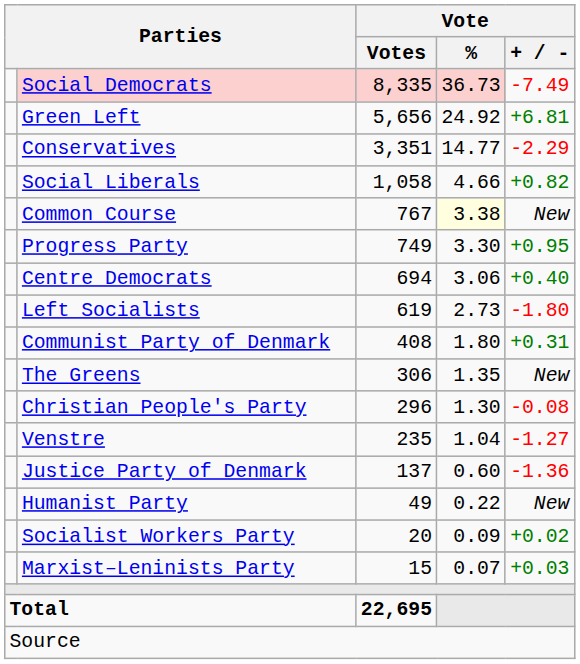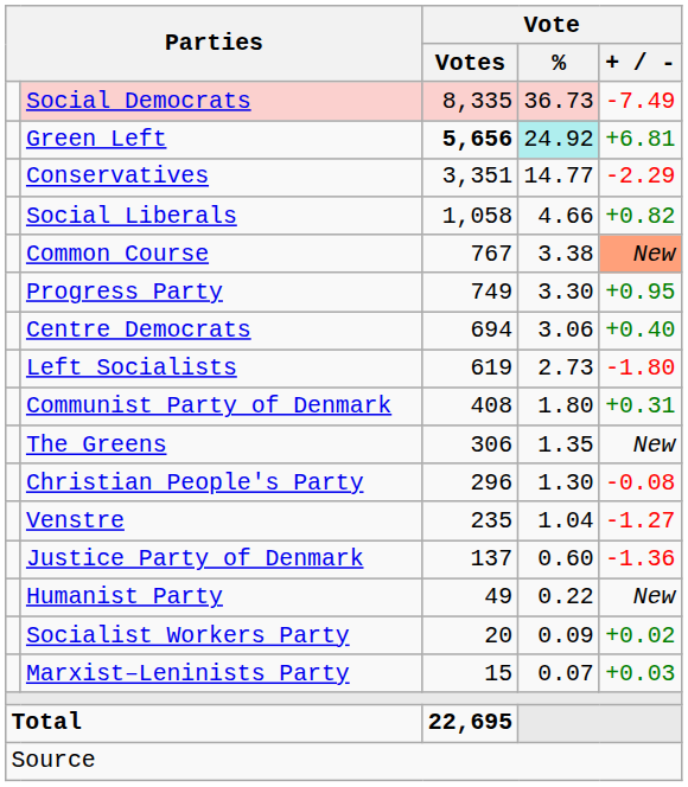 <table class="wikitable" style="text-align:right;">
 <tr>
 <th style="text-align:centre;" rowspan="2" colspan="2" width="225">Parties</th>
 <th colspan="3">Vote</th>
 </tr>
 <tr>
 <th width="15">Votes</th>
 <th width="15">%</th>
 <th width="15">+ / -</th>
 </tr>
 <tr>
 <td width="2" style="color:inherit;background:"></td>
 <td bgcolor=#fbd0ce  align="left"><a href='#'>Social Democrats</a></td>
 <td bgcolor=#fbd0ce>8,335</td>
 <td bgcolor=#fbd0ce>36.73</td>
 <td style=color:red;>-7.49</td>
 </tr>
 <tr>
 <td width="2" style="color:inherit;background:"></td>
 <td align="left"><a href='#'>Green Left</a></td>
-<td>5,656</td>
-<td>24.92</td>
+<td><strong>5,656</strong></td>
+<td style="background: paleturquoise;">24.92</td>
 <td style=color:green;>+6.81</td>
 </tr>
 <tr>
 <td width="2" style="color:inherit;background:"></td>
 <td align="left"><a href='#'>Conservatives</a></td>
 <td>3,351</td>
 <td>14.77</td>
 <td style=color:red;>-2.29</td>
 </tr>
 <tr>
 <td width="2" style="color:inherit;background:"></td>
 <td align="left"><a href='#'>Social Liberals</a></td>
 <td>1,058</td>
 <td>4.66</td>
 <td style=color:green;>+0.82</td>
 </tr>
 <tr>
 <td width="2" style="color:inherit;background:"></td>
 <td align="left"><a href='#'>Common Course</a></td>
 <td>767</td>
-<td style="background: lightyellow;">3.38</td>
-<td><em>New</em></td>
+<td>3.38</td>
+<td style="background: lightsalmon;"><em>New</em></td>
 </tr>
 <tr>
 <td width="2" style="color:inherit;background:"></td>
 <td align="left"><a href='#'>Progress Party</a></td>
 <td>749</td>
 <td>3.30</td>
 <td style=color:green;>+0.95</td>
 </tr>
 <tr>
 <td width="2" style="color:inherit;background:"></td>
 <td align="left"><a href='#'>Centre Democrats</a></td>
 <td>694</td>
 <td>3.06</td>
 <td style=color:green;>+0.40</td>
 </tr>
 <tr>
 <td width="2" style="color:inherit;background:"></td>
 <td align="left"><a href='#'>Left Socialists</a></td>
 <td>619</td>
 <td>2.73</td>
 <td style=color:red;>-1.80</td>
 </tr>
 <tr>
 <td width="2" style="color:inherit;background:"></td>
 <td align="left"><a href='#'>Communist Party of Denmark</a></td>
 <td>408</td>
 <td>1.80</td>
 <td style=color:green;>+0.31</td>
 </tr>
 <tr>
 <td width="2" style="color:inherit;background:"></td>
 <td align="left"><a href='#'>The Greens</a></td>
 <td>306</td>
 <td>1.35</td>
 <td><em>New</em></td>
 </tr>
 <tr>
 <td width="2" style="color:inherit;background:"></td>
 <td align="left"><a href='#'>Christian People's Party</a></td>
 <td>296</td>
 <td>1.30</td>
 <td style=color:red;>-0.08</td>
 </tr>
 <tr>
 <td width="2" style="color:inherit;background:"></td>
 <td align="left"><a href='#'>Venstre</a></td>
 <td>235</td>
 <td>1.04</td>
 <td style=color:red;>-1.27</td>
 </tr>
 <tr>
 <td width="2" style="color:inherit;background:"></td>
 <td align="left"><a href='#'>Justice Party of Denmark</a></td>
 <td>137</td>
 <td>0.60</td>
 <td style=color:red;>-1.36</td>
 </tr>
 <tr>
 <td width="2" style="color:inherit;background:"></td>
 <td align="left"><a href='#'>Humanist Party</a></td>
 <td>49</td>
 <td>0.22</td>
 <td><em>New</em></td>
 </tr>
 <tr>
 <td width="2" style="color:inherit;background:"></td>
 <td align="left"><a href='#'>Socialist Workers Party</a></td>
 <td>20</td>
 <td>0.09</td>
 <td style=color:green;>+0.02</td>
 </tr>
 <tr>
 <td width="2" style="color:inherit;background:"></td>
 <td align="left"><a href='#'>Marxist–Leninists Party</a></td>
 <td>15</td>
 <td>0.07</td>
 <td style=color:green;>+0.03</td>
 </tr>
 <tr>
 <td colspan="7" bgcolor="#E9E9E9"></td>
 </tr>
 <tr>
 <td align="left" colspan="2"><strong>Total</strong></td>
 <td><strong>22,695</strong></td>
 <td bgcolor="#E9E9E9" colspan="2"></td>
 </tr>
 <tr>
 <td align="left" colspan="6">Source</td>
 </tr>
 </table>
